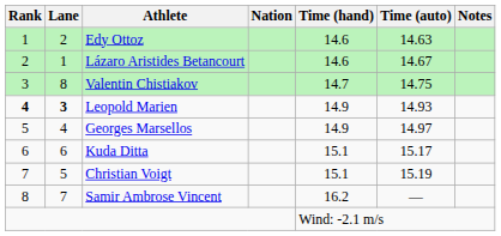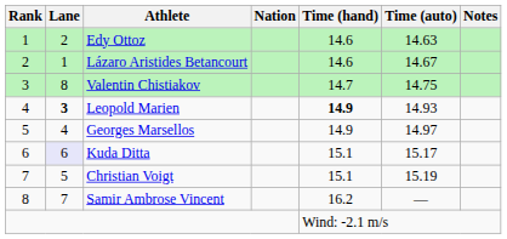 <table class="wikitable sortable" style="text-align:center">
 <tr>
 <th>Rank</th>
 <th>Lane</th>
 <th>Athlete</th>
 <th>Nation</th>
 <th>Time (hand)</th>
 <th>Time (auto)</th>
 <th>Notes</th>
 </tr>
 <tr bgcolor=bbf3bb>
 <td>1</td>
 <td>2</td>
 <td align=left><a href='#'>Edy Ottoz</a></td>
 <td align=left></td>
 <td>14.6</td>
 <td>14.63</td>
 <td></td>
 </tr>
 <tr bgcolor=bbf3bb>
 <td>2</td>
 <td>1</td>
 <td align=left><a href='#'>Lázaro Aristides Betancourt</a></td>
 <td align=left></td>
 <td>14.6</td>
 <td>14.67</td>
 <td></td>
 </tr>
 <tr bgcolor=bbf3bb>
 <td>3</td>
 <td>8</td>
 <td align=left><a href='#'>Valentin Chistiakov</a></td>
 <td align=left></td>
 <td>14.7</td>
 <td>14.75</td>
 <td></td>
 </tr>
 <tr>
-<td><strong>4</strong></td>
+<td>4</td>
 <td><strong>3</strong></td>
 <td align=left><a href='#'>Leopold Marien</a></td>
 <td align=left></td>
-<td>14.9</td>
+<td><strong>14.9</strong></td>
 <td>14.93</td>
 <td></td>
 </tr>
 <tr>
 <td>5</td>
 <td>4</td>
 <td align=left><a href='#'>Georges Marsellos</a></td>
 <td align=left></td>
 <td>14.9</td>
 <td>14.97</td>
 <td></td>
 </tr>
 <tr>
 <td>6</td>
-<td>6</td>
+<td style="background: lavender;">6</td>
 <td align=left><a href='#'>Kuda Ditta</a></td>
 <td align=left></td>
 <td>15.1</td>
 <td>15.17</td>
 <td></td>
 </tr>
 <tr>
 <td>7</td>
 <td>5</td>
 <td align=left><a href='#'>Christian Voigt</a></td>
 <td align=left></td>
 <td>15.1</td>
 <td>15.19</td>
 <td></td>
 </tr>
 <tr>
 <td>8</td>
 <td>7</td>
 <td align=left><a href='#'>Samir Ambrose Vincent</a></td>
 <td align=left></td>
 <td>16.2</td>
 <td data-sort-value=16.2>—</td>
 <td></td>
 </tr>
 <tr class="sortbottom">
 <td colspan=4></td>
 <td colspan="3" style="text-align:left;">Wind: -2.1 m/s</td>
 </tr>
 </table>
